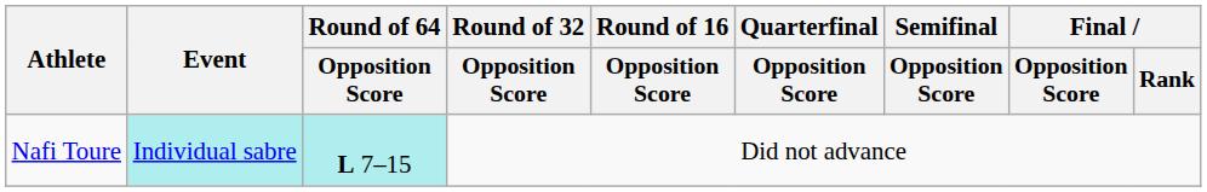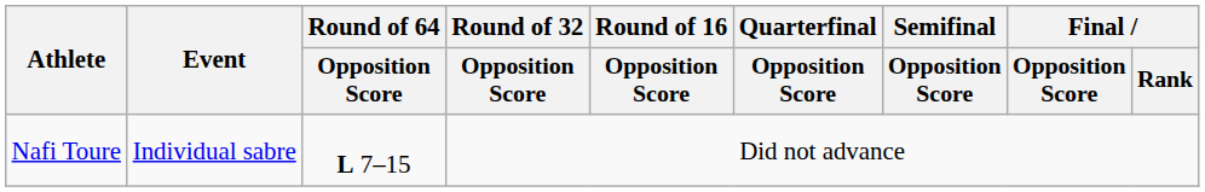 <table class="wikitable" style="font-size:90%">
 <tr>
 <th rowspan="2">Athlete</th>
 <th rowspan="2">Event</th>
 <th>Round of 64</th>
 <th>Round of 32</th>
 <th>Round of 16</th>
 <th>Quarterfinal</th>
 <th>Semifinal</th>
 <th colspan=2>Final / </th>
 </tr>
 <tr style="font-size:95%">
 <th>Opposition <br> Score</th>
 <th>Opposition <br> Score</th>
 <th>Opposition <br> Score</th>
 <th>Opposition <br> Score</th>
 <th>Opposition <br> Score</th>
 <th>Opposition <br> Score</th>
 <th>Rank</th>
 </tr>
 <tr align=center>
 <td align=left><a href='#'>Nafi Toure</a></td>
-<td align=left style="background: paleturquoise;"><a href='#'>Individual sabre</a></td>
-<td style="background: paleturquoise;"><br><strong>L</strong> 7–15</td>
+<td align=left><a href='#'>Individual sabre</a></td>
+<td><br><strong>L</strong> 7–15</td>
 <td colspan=6>Did not advance</td>
 </tr>
 </table>
